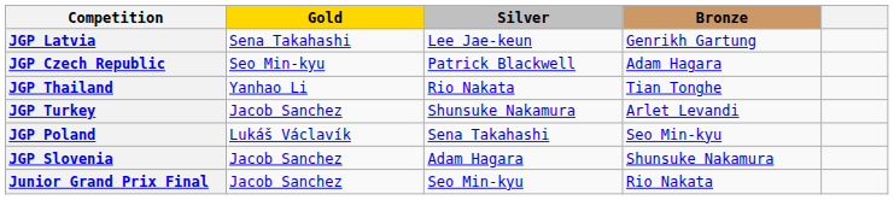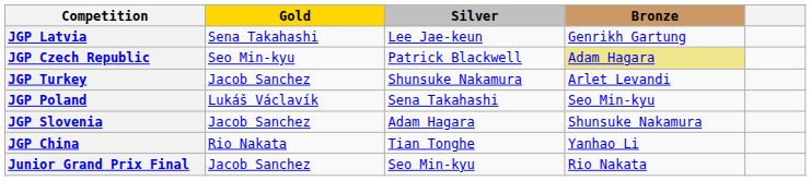 <table class="wikitable unsortable" style="text-align:left; width:90%">
 <tr>
 <th scope="col" style="text-align:center; width:25%;">Competition</th>
 <td scope="col" style="text-align:center; width:22.5%; background:gold"><strong>Gold</strong></td>
 <td scope="col" style="text-align:center; width:22.5%; background:silver"><strong>Silver</strong></td>
 <td scope="col" style="text-align:center; width:22.5%; background:#c96"><strong>Bronze</strong></td>
 <th scope="col" style="text-align:center; width:7.5%;"></th>
 </tr>
 <tr>
 <th scope="row" style="text-align:left"> <a href='#'>JGP Latvia</a></th>
 <td> <a href='#'>Sena Takahashi</a></td>
 <td> <a href='#'>Lee Jae-keun</a></td>
 <td> <a href='#'>Genrikh Gartung</a></td>
 <td></td>
 </tr>
 <tr>
 <th scope="row" style="text-align:left"> <a href='#'>JGP Czech Republic</a></th>
 <td> <a href='#'>Seo Min-kyu</a></td>
 <td> <a href='#'>Patrick Blackwell</a></td>
-<td> <a href='#'>Adam Hagara</a></td>
-<td></td>
-</tr>
-<tr>
-<th scope="row" style="text-align:left"> <a href='#'>JGP Thailand</a></th>
-<td> <a href='#'>Yanhao Li</a></td>
-<td> <a href='#'>Rio Nakata</a></td>
-<td> <a href='#'>Tian Tonghe</a></td>
+<td style="background: khaki;"> <a href='#'>Adam Hagara</a></td>
 <td></td>
 </tr>
 <tr>
 <th scope="row" style="text-align:left"> <a href='#'>JGP Turkey</a></th>
 <td> <a href='#'>Jacob Sanchez</a></td>
 <td> <a href='#'>Shunsuke Nakamura</a></td>
 <td> <a href='#'>Arlet Levandi</a></td>
 <td></td>
 </tr>
 <tr>
 <th scope="row" style="text-align:left"> <a href='#'>JGP Poland</a></th>
 <td> <a href='#'>Lukáš Václavík</a></td>
 <td> <a href='#'>Sena Takahashi</a></td>
 <td> <a href='#'>Seo Min-kyu</a></td>
 <td></td>
 </tr>
 <tr>
 <th scope="row" style="text-align:left"> <a href='#'>JGP Slovenia</a></th>
 <td> <a href='#'>Jacob Sanchez</a></td>
 <td> <a href='#'>Adam Hagara</a></td>
 <td> <a href='#'>Shunsuke Nakamura</a></td>
 <td></td>
 </tr>
 <tr>
+<th scope="row" style="text-align:left"> <a href='#'>JGP China</a></th>
+<td> <a href='#'>Rio Nakata</a></td>
+<td> <a href='#'>Tian Tonghe</a></td>
+<td> <a href='#'>Yanhao Li</a></td>
+<td></td>
+</tr>
+<tr>
 <th scope="row" style="text-align:left"> <a href='#'>Junior Grand Prix Final</a></th>
 <td> <a href='#'>Jacob Sanchez</a></td>
 <td> <a href='#'>Seo Min-kyu</a></td>
 <td> <a href='#'>Rio Nakata</a></td>
 <td></td>
 </tr>
 </table>
